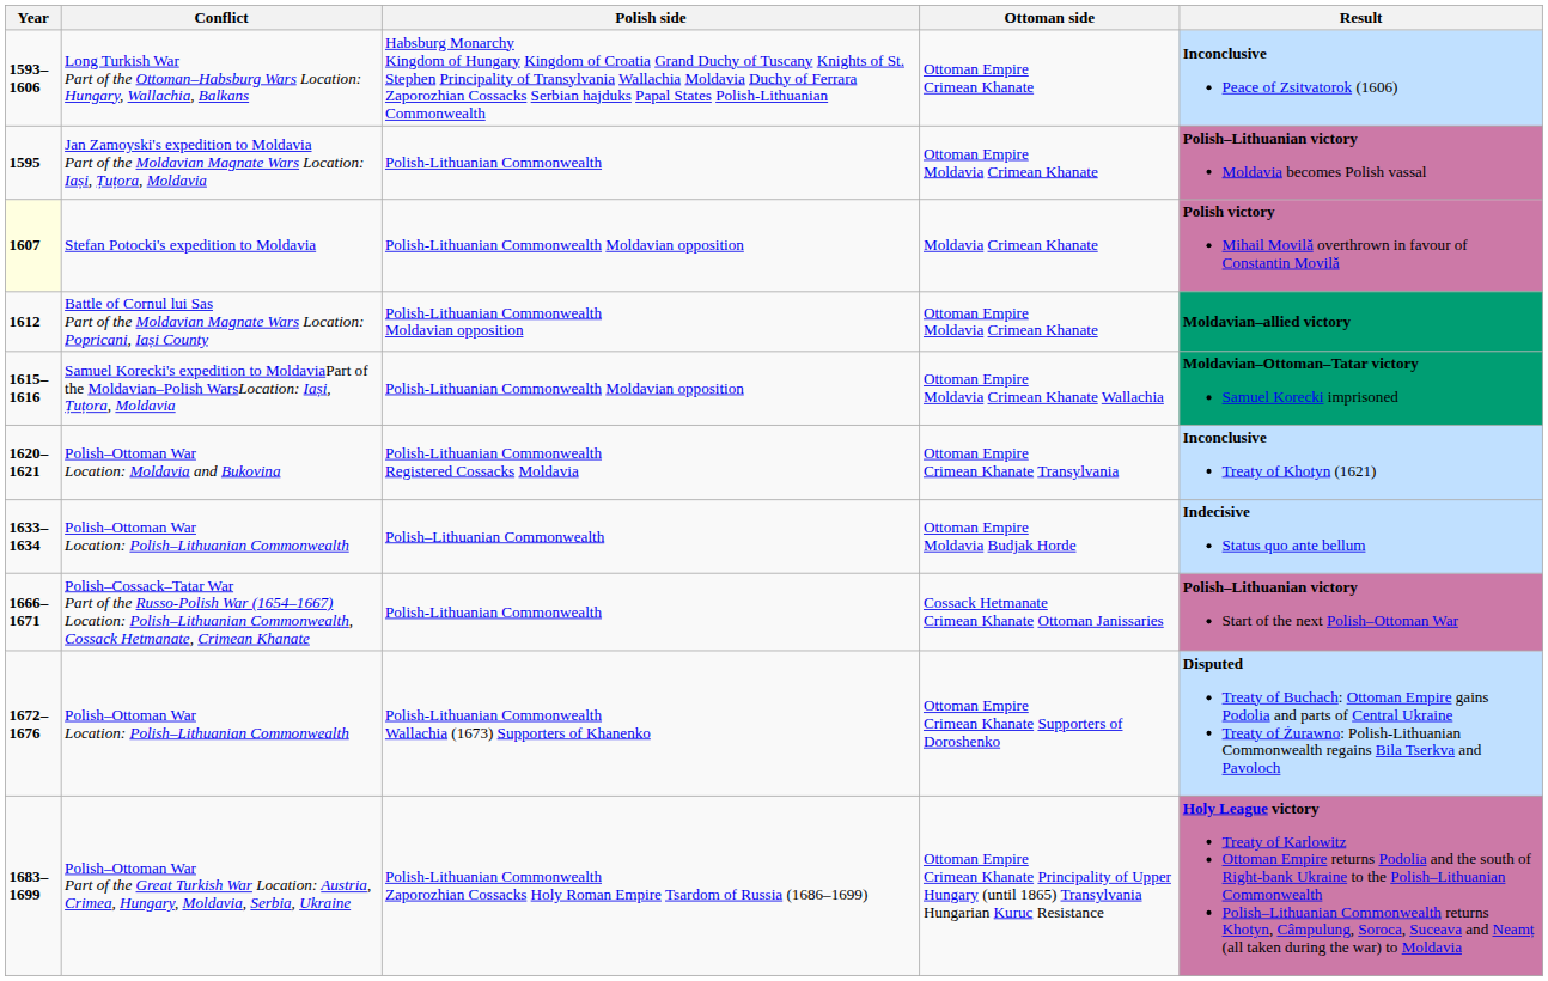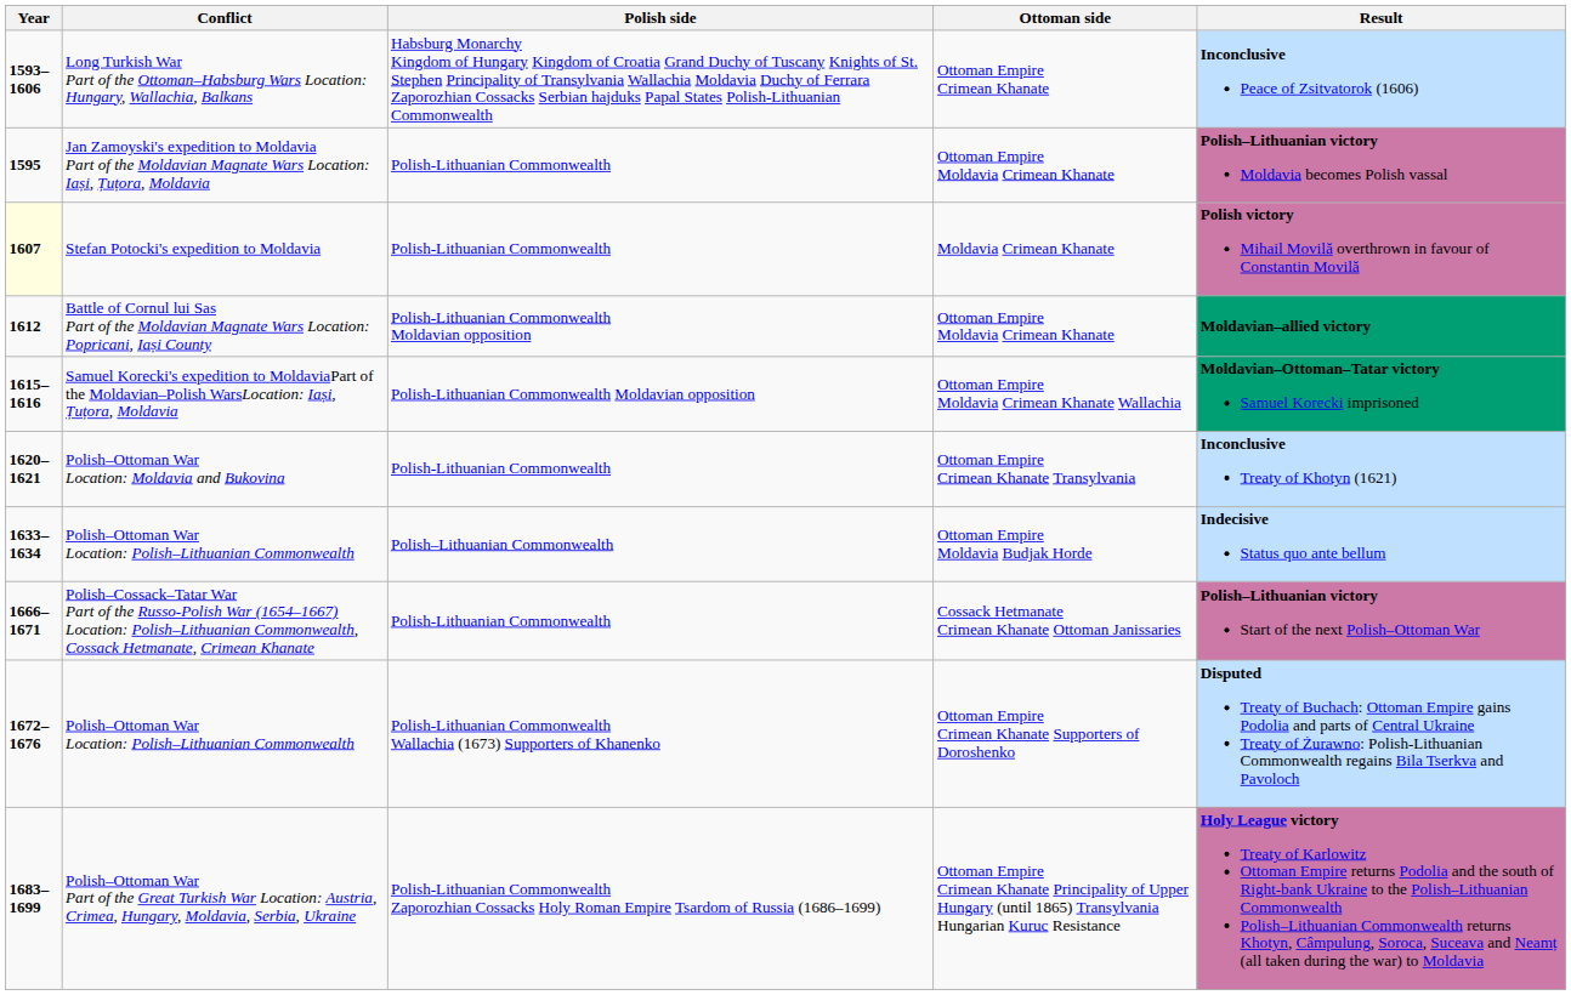 <table class="wikitable">
 <tr>
 <th><strong>Year</strong></th>
 <th><strong>Conflict</strong></th>
 <th>Polish side</th>
 <th>Ottoman side</th>
 <th>Result</th>
 </tr>
 <tr>
 <td><strong>1593–1606</strong></td>
 <td><a href='#'>Long Turkish War</a><br><em>Part of the <a href='#'>Ottoman–Habsburg Wars</a></em>  <em>Location: <a href='#'>Hungary</a>, <a href='#'>Wallachia</a>, <a href='#'>Balkans</a></em></td>
 <td> <a href='#'>Habsburg Monarchy</a><br> <a href='#'>Kingdom of Hungary</a>   <a href='#'>Kingdom of Croatia</a>   <a href='#'>Grand Duchy of Tuscany</a>   <a href='#'>Knights of St. Stephen</a>   <a href='#'>Principality of Transylvania</a>   <a href='#'>Wallachia</a>   <a href='#'>Moldavia</a>       <a href='#'>Duchy of Ferrara</a>   <a href='#'>Zaporozhian Cossacks</a>   <a href='#'>Serbian hajduks</a>   <a href='#'>Papal States</a>   <a href='#'>Polish-Lithuanian Commonwealth</a></td>
 <td> <a href='#'>Ottoman Empire</a><br> <a href='#'>Crimean Khanate</a></td>
 <td style="background:#C0E0FF"><strong>Inconclusive</strong><br><ul><li><a href='#'>Peace of Zsitvatorok</a> (1606)</li></ul></td>
 </tr>
 <tr>
 <td><strong>1595</strong></td>
 <td><a href='#'>Jan Zamoyski's expedition to Moldavia</a><br><em>Part of the <a href='#'>Moldavian Magnate Wars</a></em>  <em>Location: <a href='#'>Iași</a>, <a href='#'>Țuțora</a>, <a href='#'>Moldavia</a></em></td>
 <td> <a href='#'>Polish-Lithuanian Commonwealth</a></td>
 <td> <a href='#'>Ottoman Empire</a><br> <a href='#'>Moldavia</a>   <a href='#'>Crimean Khanate</a></td>
 <td style="background:#CC79A7"><strong>Polish–Lithuanian victory</strong><br><ul><li><a href='#'>Moldavia</a> becomes Polish vassal</li></ul></td>
 </tr>
 <tr>
 <td style="background: lightyellow;"><strong>1607</strong></td>
 <td><a href='#'>Stefan Potocki's expedition to Moldavia</a></td>
-<td> <a href='#'>Polish-Lithuanian Commonwealth</a> <a href='#'>Moldavian opposition</a></td>
+<td> <a href='#'>Polish-Lithuanian Commonwealth</a></td>
 <td> <a href='#'>Moldavia</a> <a href='#'>Crimean Khanate</a></td>
 <td style="background:#CC79A7"><strong>Polish victory</strong><br><ul><li><a href='#'>Mihail Movilă</a> overthrown in favour of <a href='#'>Constantin Movilă</a></li></ul></td>
 </tr>
 <tr>
 <td><strong>1612</strong></td>
 <td><a href='#'>Battle of Cornul lui Sas</a><br><em>Part of the <a href='#'>Moldavian Magnate Wars</a></em>  <em>Location: <a href='#'>Popricani</a>, <a href='#'>Iași County</a></em></td>
 <td> <a href='#'>Polish-Lithuanian Commonwealth</a><br> <a href='#'>Moldavian opposition</a></td>
 <td> <a href='#'>Ottoman Empire</a><br> <a href='#'>Moldavia</a>   <a href='#'>Crimean Khanate</a></td>
 <td style="background:#009E73"><strong>Moldavian–allied victory</strong></td>
 </tr>
 <tr>
 <td><strong>1615–1616</strong></td>
 <td><a href='#'>Samuel Korecki's expedition to Moldavia</a>Part of the <a href='#'>Moldavian–Polish Wars</a><em>Location: <a href='#'>Iași</a>, <a href='#'>Țuțora</a>, <a href='#'>Moldavia</a></em></td>
 <td> <a href='#'>Polish-Lithuanian Commonwealth</a> <a href='#'>Moldavian opposition</a></td>
 <td> <a href='#'>Ottoman Empire</a><br> <a href='#'>Moldavia</a>   <a href='#'>Crimean Khanate</a> <a href='#'>Wallachia</a></td>
 <td style="background:#009E73"><strong>Moldavian–Ottoman–Tatar victory</strong><br><ul><li><a href='#'>Samuel Korecki</a> imprisoned</li></ul></td>
 </tr>
 <tr>
 <td><strong>1620–1621</strong></td>
 <td><a href='#'>Polish–Ottoman War</a><br><em>Location: <a href='#'>Moldavia</a> and <a href='#'>Bukovina</a></em></td>
-<td> <a href='#'>Polish-Lithuanian Commonwealth</a><br> <a href='#'>Registered Cossacks</a>   <a href='#'>Moldavia</a></td>
+<td> <a href='#'>Polish-Lithuanian Commonwealth</a></td>
 <td> <a href='#'>Ottoman Empire</a><br> <a href='#'>Crimean Khanate</a>   <a href='#'>Transylvania</a></td>
 <td style="background:#C0E0FF"><strong>Inconclusive</strong><br><ul><li><a href='#'>Treaty of Khotyn</a> (1621)</li></ul></td>
 </tr>
 <tr>
 <td><strong>1633–1634</strong></td>
 <td><a href='#'>Polish–Ottoman War</a><br><em>Location: <a href='#'>Polish–Lithuanian Commonwealth</a></em></td>
 <td> <a href='#'>Polish–Lithuanian Commonwealth</a></td>
 <td> <a href='#'>Ottoman Empire</a><br> <a href='#'>Moldavia</a>  <a href='#'>Budjak Horde</a></td>
 <td style="background:#C0E0FF"><strong>Indecisive</strong><br><ul><li><a href='#'>Status quo ante bellum</a></li></ul></td>
 </tr>
 <tr>
 <td><strong>1666–1671</strong></td>
 <td><a href='#'>Polish–Cossack–Tatar War</a><br><em>Part of the <a href='#'>Russo-Polish War (1654–1667)</a></em>  <em>Location: <a href='#'>Polish–Lithuanian Commonwealth</a>, <a href='#'>Cossack Hetmanate</a>, <a href='#'>Crimean Khanate</a></em></td>
 <td> <a href='#'>Polish-Lithuanian Commonwealth</a></td>
 <td><a href='#'>Cossack Hetmanate</a><br> <a href='#'>Crimean Khanate</a>  <a href='#'>Ottoman Janissaries</a></td>
 <td style="background:#CC79A7"><strong>Polish–Lithuanian victory</strong><br><ul><li>Start of the next <a href='#'>Polish–Ottoman War</a></li></ul></td>
 </tr>
 <tr>
 <td><strong>1672–1676</strong></td>
 <td><a href='#'>Polish–Ottoman War</a><br><em>Location: <a href='#'>Polish–Lithuanian Commonwealth</a></em></td>
 <td> <a href='#'>Polish-Lithuanian Commonwealth</a><br> <a href='#'>Wallachia</a> (1673)   <a href='#'>Supporters of Khanenko</a></td>
 <td> <a href='#'>Ottoman Empire</a><br> <a href='#'>Crimean Khanate</a>   <a href='#'>Supporters of Doroshenko</a></td>
 <td style="background:#C0E0FF"><strong>Disputed</strong><br><ul><li><a href='#'>Treaty of Buchach</a>: <a href='#'>Ottoman Empire</a> gains <a href='#'>Podolia</a> and parts of <a href='#'>Central Ukraine</a></li><li><a href='#'>Treaty of Żurawno</a>: Polish-Lithuanian Commonwealth regains <a href='#'>Bila Tserkva</a> and <a href='#'>Pavoloch</a></li></ul></td>
 </tr>
 <tr>
 <td><strong>1683–1699</strong></td>
 <td><a href='#'>Polish–Ottoman War</a><br><em>Part of the <a href='#'>Great Turkish War</a></em>  <em>Location: <a href='#'>Austria</a>, <a href='#'>Crimea</a>, <a href='#'>Hungary</a>, <a href='#'>Moldavia</a>, <a href='#'>Serbia</a>, <a href='#'>Ukraine</a></em></td>
 <td> <a href='#'>Polish-Lithuanian Commonwealth</a><br> <a href='#'>Zaporozhian Cossacks</a>   <a href='#'>Holy Roman Empire</a>   <a href='#'>Tsardom of Russia</a> (1686–1699)</td>
 <td> <a href='#'>Ottoman Empire</a><br> <a href='#'>Crimean Khanate</a>   <a href='#'>Principality of Upper Hungary</a> (until 1865)   <a href='#'>Transylvania</a>  Hungarian <a href='#'>Kuruc</a> Resistance</td>
 <td style="background:#CC79A7"><strong><a href='#'>Holy League</a></strong> <strong>victory</strong><br><ul><li><a href='#'>Treaty of Karlowitz</a></li><li><a href='#'>Ottoman Empire</a> returns <a href='#'>Podolia</a> and the south of <a href='#'>Right-bank Ukraine</a> to the <a href='#'>Polish–Lithuanian Commonwealth</a></li><li><a href='#'>Polish–Lithuanian Commonwealth</a> returns <a href='#'>Khotyn</a>, <a href='#'>Câmpulung</a>, <a href='#'>Soroca</a>, <a href='#'>Suceava</a> and <a href='#'>Neamț</a> (all taken during the war) to <a href='#'>Moldavia</a></li></ul></td>
 </tr>
 </table>
